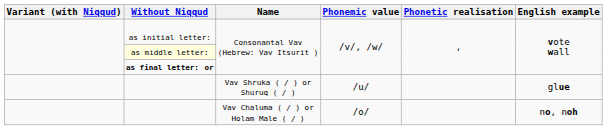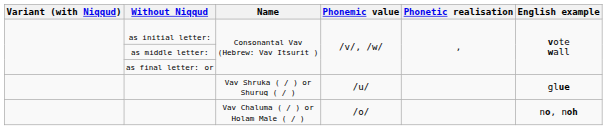 <table class=wikitable style="text-align:center;">
 <tr>
 <th>Variant (with <a href='#'>Niqqud</a>)</th>
 <th><a href='#'>Without Niqqud</a></th>
 <th>Name</th>
 <th><a href='#'>Phonemic</a> value</th>
 <th><a href='#'>Phonetic</a> realisation</th>
 <th>English example</th>
 </tr>
 <tr>
 <td rowspan=3><br><span></span></td>
 <td><br><small>as initial letter:</small><span></span></td>
 <td rowspan=3><small>Consonantal Vav<br> (Hebrew: Vav Itsurit )</small></td>
 <td rowspan=3>/v/, /w/</td>
 <td rowspan=3>, </td>
 <td rowspan=3><strong>v</strong>ote<br><strong>w</strong>all</td>
 </tr>
 <tr>
-<td style="background: lightyellow;"><small>as middle letter:</small><span></span></td>
+<td><small>as middle letter:</small><span></span></td>
 </tr>
 <tr>
-<td><strong><small>as final letter:</small><span></span> <small>or</small> <span></span></strong></td>
+<td><small>as final letter:</small><span></span> <small>or</small> <span></span></td>
 </tr>
 <tr>
 <td><br><span></span></td>
 <td><br><span></span></td>
 <td><small>Vav Shruka ( / ) or<br>Shuruq ( / )</small></td>
 <td>/u/</td>
 <td></td>
 <td>gl<strong>ue</strong></td>
 </tr>
 <tr>
 <td><br><span></span></td>
 <td><br><span></span></td>
 <td><small>Vav Chaluma ( / ) or<br>Holam Male ( / )</small></td>
 <td>/o/</td>
 <td></td>
 <td>n<strong>o</strong>, n<strong>oh</strong></td>
 </tr>
 </table>
